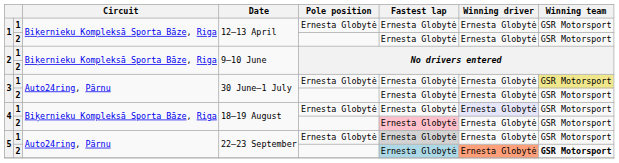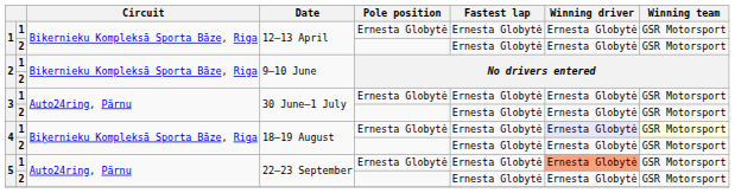 <table class="wikitable" style="font-size: 85%">
 <tr>
 <th colspan="2"></th>
 <th>Circuit</th>
 <th>Date</th>
 <th>Pole position</th>
 <th>Fastest lap</th>
 <th>Winning driver</th>
 <th>Winning team</th>
 </tr>
 <tr>
 <th rowspan=2>1</th>
 <th>1</th>
 <td rowspan=2> <a href='#'>Biķernieku Kompleksā Sporta Bāze</a>, <a href='#'>Riga</a></td>
 <td rowspan=2>12–13 April</td>
 <td> Ernesta Globytė</td>
 <td> Ernesta Globytė</td>
 <td> Ernesta Globytė</td>
 <td> GSR Motorsport</td>
 </tr>
 <tr>
 <th>2</th>
 <td></td>
 <td> Ernesta Globytė</td>
 <td> Ernesta Globytė</td>
 <td> GSR Motorsport</td>
 </tr>
 <tr>
 <th rowspan=2>2</th>
 <th>1</th>
 <td rowspan=2> <a href='#'>Biķernieku Kompleksā Sporta Bāze</a>, <a href='#'>Riga</a></td>
 <td rowspan=2>9–10 June</td>
 <th colspan=4 rowspan=2><em>No drivers entered</em></th>
 </tr>
 <tr>
 <th>2</th>
 </tr>
 <tr>
 <th rowspan=2>3</th>
 <th>1</th>
 <td rowspan=2> <a href='#'>Auto24ring</a>, <a href='#'>Pärnu</a></td>
 <td rowspan=2>30 June–1 July</td>
 <td> Ernesta Globytė</td>
 <td> Ernesta Globytė</td>
 <td> Ernesta Globytė</td>
-<td style="background: khaki;"> GSR Motorsport</td>
+<td> GSR Motorsport</td>
 </tr>
 <tr>
 <th>2</th>
 <td></td>
 <td> Ernesta Globytė</td>
 <td> Ernesta Globytė</td>
 <td> GSR Motorsport</td>
 </tr>
 <tr>
 <th rowspan=2>4</th>
 <th>1</th>
 <td rowspan=2> <a href='#'>Biķernieku Kompleksā Sporta Bāze</a>, <a href='#'>Riga</a></td>
 <td rowspan=2>18–19 August</td>
 <td> Ernesta Globytė</td>
 <td> Ernesta Globytė</td>
 <td style="background: lavender;"> Ernesta Globytė</td>
-<td> GSR Motorsport</td>
+<td style="background: lightyellow;"> GSR Motorsport</td>
 </tr>
 <tr>
 <th>2</th>
 <td></td>
-<td style="background: pink;"> Ernesta Globytė</td>
+<td> Ernesta Globytė</td>
 <td> Ernesta Globytė</td>
 <td> GSR Motorsport</td>
 </tr>
 <tr>
 <th rowspan=2>5</th>
 <th>1</th>
 <td rowspan=2> <a href='#'>Auto24ring</a>, <a href='#'>Pärnu</a></td>
 <td rowspan=2>22–23 September</td>
 <td> Ernesta Globytė</td>
-<td style="background: lightgrey;"> Ernesta Globytė</td>
 <td> Ernesta Globytė</td>
+<td style="background: lightsalmon;"> Ernesta Globytė</td>
 <td> GSR Motorsport</td>
 </tr>
 <tr>
 <th>2</th>
 <td></td>
-<td style="background: lightblue;"> Ernesta Globytė</td>
-<td style="background: lightsalmon;"> Ernesta Globytė</td>
-<td><strong> GSR Motorsport</strong></td>
+<td> Ernesta Globytė</td>
+<td> Ernesta Globytė</td>
+<td> GSR Motorsport</td>
 </tr>
 <tr>
 </tr>
 </table>
